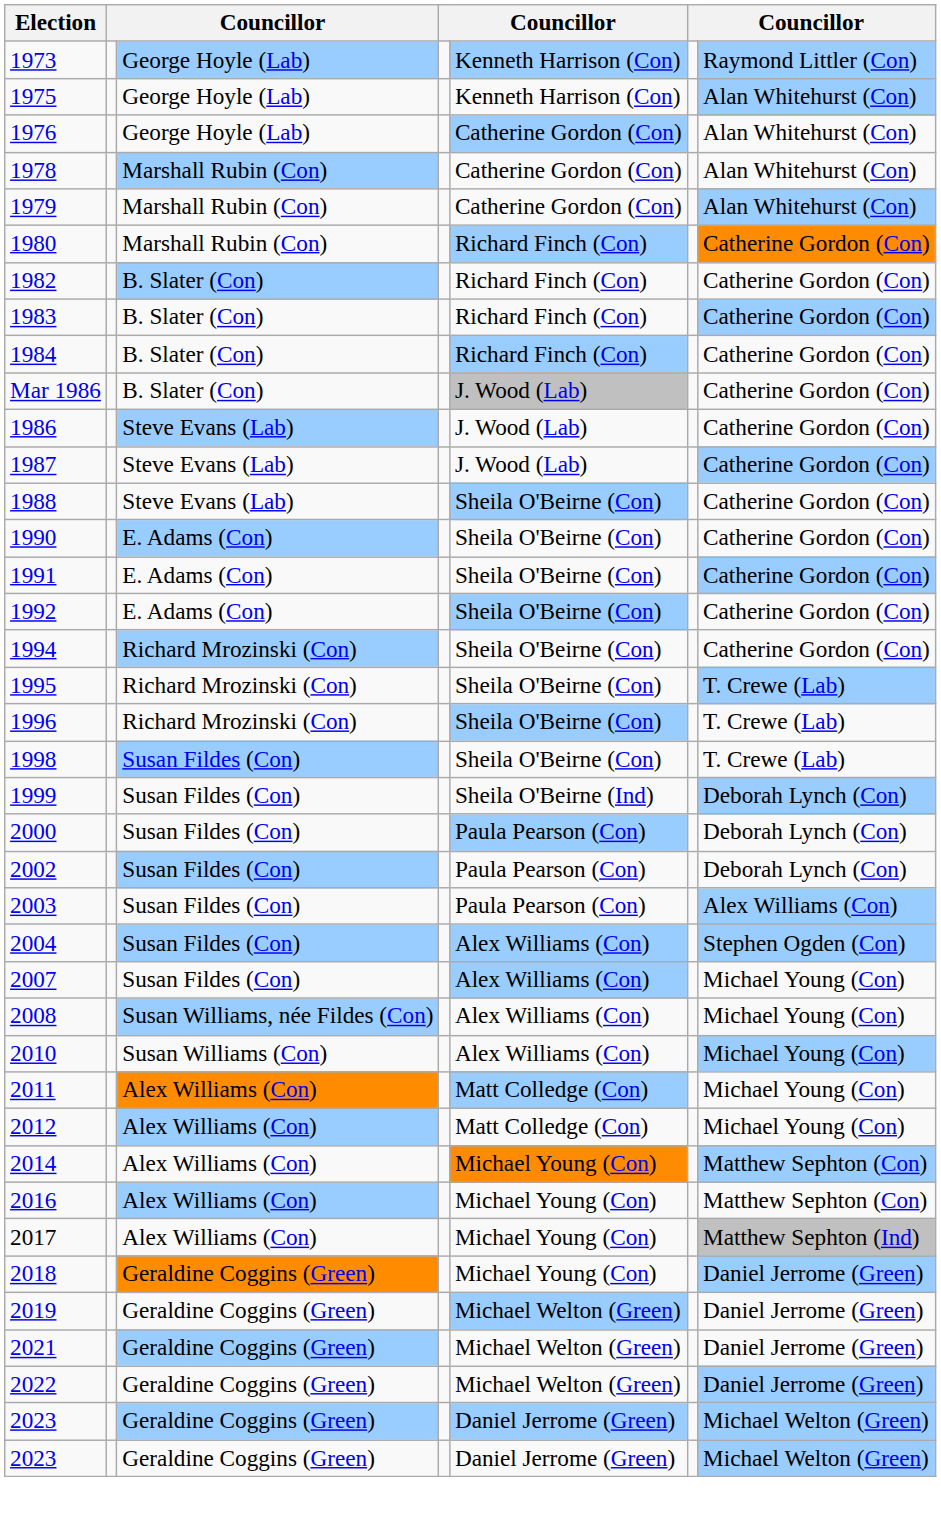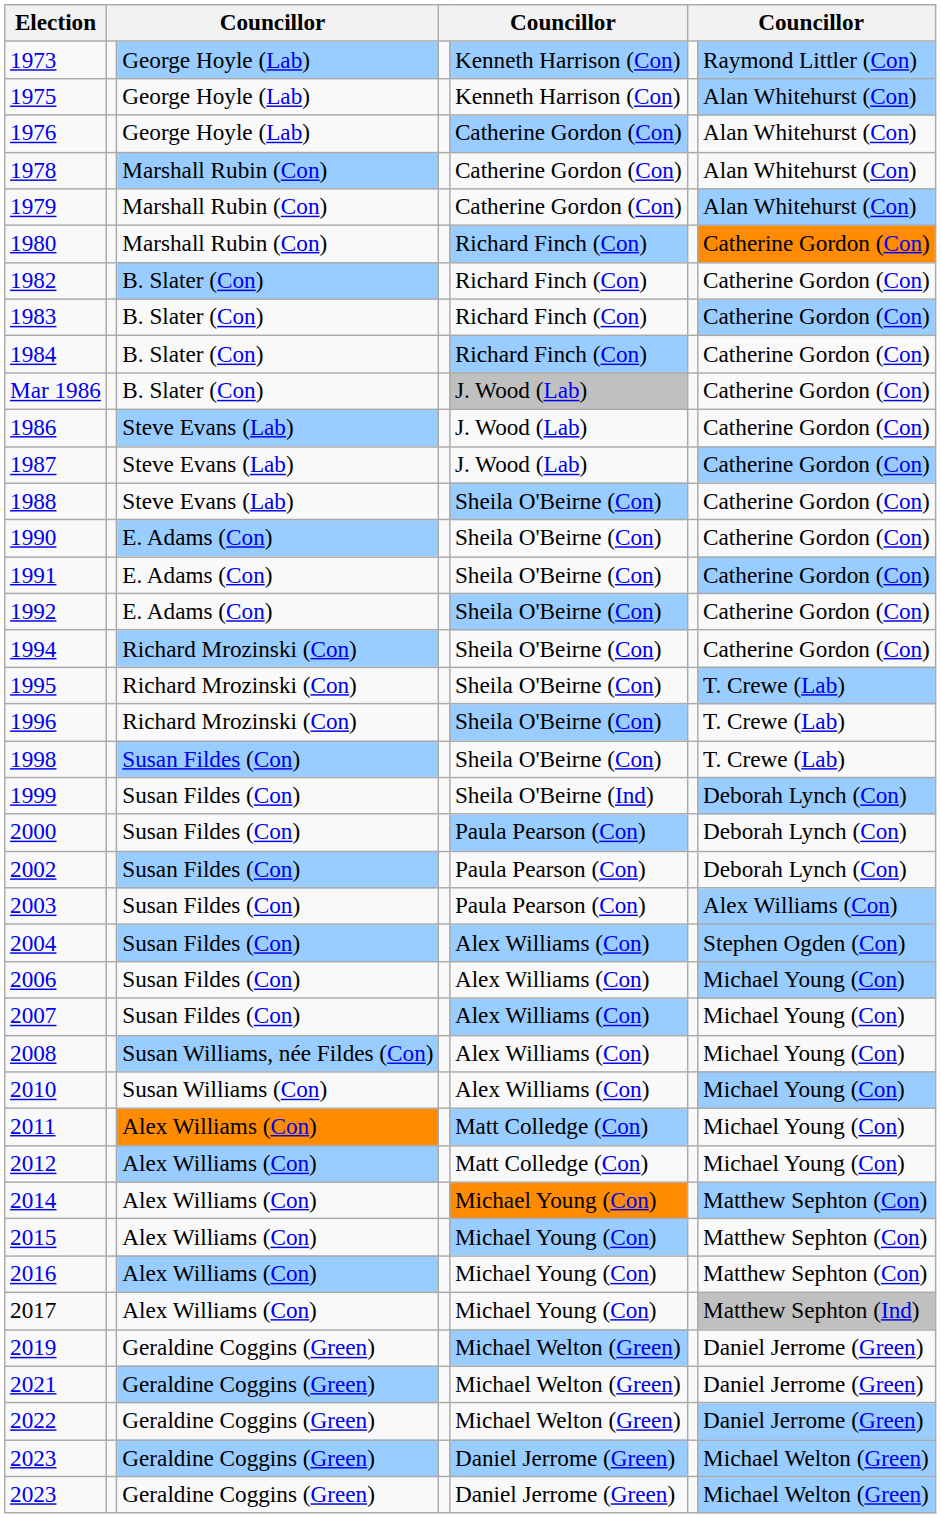 <table class="wikitable">
 <tr>
 <th>Election</th>
 <th colspan="2">Councillor</th>
 <th colspan="2">Councillor</th>
 <th colspan="2">Councillor</th>
 </tr>
 <tr>
 <td><a href='#'>1973</a></td>
 <td style="background-color: "></td>
 <td bgcolor="#99CCFF">George Hoyle (<a href='#'>Lab</a>)</td>
 <td style="background-color: "></td>
 <td bgcolor="#99CCFF">Kenneth Harrison (<a href='#'>Con</a>)</td>
 <td style="background-color: "></td>
 <td bgcolor="#99CCFF">Raymond Littler (<a href='#'>Con</a>)</td>
 </tr>
 <tr>
 <td><a href='#'>1975</a></td>
 <td style="background-color: "></td>
 <td>George Hoyle (<a href='#'>Lab</a>)</td>
 <td style="background-color: "></td>
 <td>Kenneth Harrison (<a href='#'>Con</a>)</td>
 <td style="background-color: "></td>
 <td bgcolor="#99CCFF">Alan Whitehurst (<a href='#'>Con</a>)</td>
 </tr>
 <tr>
 <td><a href='#'>1976</a></td>
 <td style="background-color: "></td>
 <td>George Hoyle (<a href='#'>Lab</a>)</td>
 <td style="background-color: "></td>
 <td bgcolor="#99CCFF">Catherine Gordon (<a href='#'>Con</a>)</td>
 <td style="background-color: "></td>
 <td>Alan Whitehurst (<a href='#'>Con</a>)</td>
 </tr>
 <tr>
 <td><a href='#'>1978</a></td>
 <td style="background-color: "></td>
 <td bgcolor="#99CCFF">Marshall Rubin (<a href='#'>Con</a>)</td>
 <td style="background-color: "></td>
 <td>Catherine Gordon (<a href='#'>Con</a>)</td>
 <td style="background-color: "></td>
 <td>Alan Whitehurst (<a href='#'>Con</a>)</td>
 </tr>
 <tr>
 <td><a href='#'>1979</a></td>
 <td style="background-color: "></td>
 <td>Marshall Rubin (<a href='#'>Con</a>)</td>
 <td style="background-color: "></td>
 <td>Catherine Gordon (<a href='#'>Con</a>)</td>
 <td style="background-color: "></td>
 <td bgcolor="#99CCFF">Alan Whitehurst (<a href='#'>Con</a>)</td>
 </tr>
 <tr>
 <td><a href='#'>1980</a></td>
 <td style="background-color: "></td>
 <td>Marshall Rubin (<a href='#'>Con</a>)</td>
 <td style="background-color: "></td>
 <td bgcolor="#99CCFF">Richard Finch (<a href='#'>Con</a>)</td>
 <td style="background-color: "></td>
 <td bgcolor="#FF8C00">Catherine Gordon (<a href='#'>Con</a>)</td>
 </tr>
 <tr>
 <td><a href='#'>1982</a></td>
 <td style="background-color: "></td>
 <td bgcolor="#99CCFF">B. Slater (<a href='#'>Con</a>)</td>
 <td style="background-color: "></td>
 <td>Richard Finch (<a href='#'>Con</a>)</td>
 <td style="background-color: "></td>
 <td>Catherine Gordon (<a href='#'>Con</a>)</td>
 </tr>
 <tr>
 <td><a href='#'>1983</a></td>
 <td style="background-color: "></td>
 <td>B. Slater (<a href='#'>Con</a>)</td>
 <td style="background-color: "></td>
 <td>Richard Finch (<a href='#'>Con</a>)</td>
 <td style="background-color: "></td>
 <td bgcolor="#99CCFF">Catherine Gordon (<a href='#'>Con</a>)</td>
 </tr>
 <tr>
 <td><a href='#'>1984</a></td>
 <td style="background-color: "></td>
 <td>B. Slater (<a href='#'>Con</a>)</td>
 <td style="background-color: "></td>
 <td bgcolor="#99CCFF">Richard Finch (<a href='#'>Con</a>)</td>
 <td style="background-color: "></td>
 <td>Catherine Gordon (<a href='#'>Con</a>)</td>
 </tr>
 <tr>
 <td><a href='#'>Mar 1986</a></td>
 <td style="background-color: "></td>
 <td>B. Slater (<a href='#'>Con</a>)</td>
 <td style="background-color: "></td>
 <td bgcolor="#C0C0C0">J. Wood (<a href='#'>Lab</a>)</td>
 <td style="background-color: "></td>
 <td>Catherine Gordon (<a href='#'>Con</a>)</td>
 </tr>
 <tr>
 <td><a href='#'>1986</a></td>
 <td style="background-color: "></td>
 <td bgcolor="#99CCFF">Steve Evans (<a href='#'>Lab</a>)</td>
 <td style="background-color: "></td>
 <td>J. Wood (<a href='#'>Lab</a>)</td>
 <td style="background-color: "></td>
 <td>Catherine Gordon (<a href='#'>Con</a>)</td>
 </tr>
 <tr>
 <td><a href='#'>1987</a></td>
 <td style="background-color: "></td>
 <td>Steve Evans (<a href='#'>Lab</a>)</td>
 <td style="background-color: "></td>
 <td>J. Wood (<a href='#'>Lab</a>)</td>
 <td style="background-color: "></td>
 <td bgcolor="#99CCFF">Catherine Gordon (<a href='#'>Con</a>)</td>
 </tr>
 <tr>
 <td><a href='#'>1988</a></td>
 <td style="background-color: "></td>
 <td>Steve Evans (<a href='#'>Lab</a>)</td>
 <td style="background-color: "></td>
 <td bgcolor="#99CCFF">Sheila O'Beirne (<a href='#'>Con</a>)</td>
 <td style="background-color: "></td>
 <td>Catherine Gordon (<a href='#'>Con</a>)</td>
 </tr>
 <tr>
 <td><a href='#'>1990</a></td>
 <td style="background-color: "></td>
 <td bgcolor="#99CCFF">E. Adams (<a href='#'>Con</a>)</td>
 <td style="background-color: "></td>
 <td>Sheila O'Beirne (<a href='#'>Con</a>)</td>
 <td style="background-color: "></td>
 <td>Catherine Gordon (<a href='#'>Con</a>)</td>
 </tr>
 <tr>
 <td><a href='#'>1991</a></td>
 <td style="background-color: "></td>
 <td>E. Adams (<a href='#'>Con</a>)</td>
 <td style="background-color: "></td>
 <td>Sheila O'Beirne (<a href='#'>Con</a>)</td>
 <td style="background-color: "></td>
 <td bgcolor="#99CCFF">Catherine Gordon (<a href='#'>Con</a>)</td>
 </tr>
 <tr>
 <td><a href='#'>1992</a></td>
 <td style="background-color: "></td>
 <td>E. Adams (<a href='#'>Con</a>)</td>
 <td style="background-color: "></td>
 <td bgcolor="#99CCFF">Sheila O'Beirne (<a href='#'>Con</a>)</td>
 <td style="background-color: "></td>
 <td>Catherine Gordon (<a href='#'>Con</a>)</td>
 </tr>
 <tr>
 <td><a href='#'>1994</a></td>
 <td style="background-color: "></td>
 <td bgcolor="#99CCFF">Richard Mrozinski (<a href='#'>Con</a>)</td>
 <td style="background-color: "></td>
 <td>Sheila O'Beirne (<a href='#'>Con</a>)</td>
 <td style="background-color: "></td>
 <td>Catherine Gordon (<a href='#'>Con</a>)</td>
 </tr>
 <tr>
 <td><a href='#'>1995</a></td>
 <td style="background-color: "></td>
 <td>Richard Mrozinski (<a href='#'>Con</a>)</td>
 <td style="background-color: "></td>
 <td>Sheila O'Beirne (<a href='#'>Con</a>)</td>
 <td style="background-color: "></td>
 <td bgcolor="#99CCFF">T. Crewe (<a href='#'>Lab</a>)</td>
 </tr>
 <tr>
 <td><a href='#'>1996</a></td>
 <td style="background-color: "></td>
 <td>Richard Mrozinski (<a href='#'>Con</a>)</td>
 <td style="background-color: "></td>
 <td bgcolor="#99CCFF">Sheila O'Beirne (<a href='#'>Con</a>)</td>
 <td style="background-color: "></td>
 <td>T. Crewe (<a href='#'>Lab</a>)</td>
 </tr>
 <tr>
 <td><a href='#'>1998</a></td>
 <td style="background-color: "></td>
 <td bgcolor="#99CCFF"><a href='#'>Susan Fildes</a> (<a href='#'>Con</a>)</td>
 <td style="background-color: "></td>
 <td>Sheila O'Beirne (<a href='#'>Con</a>)</td>
 <td style="background-color: "></td>
 <td>T. Crewe (<a href='#'>Lab</a>)</td>
 </tr>
 <tr>
 <td><a href='#'>1999</a></td>
 <td style="background-color: "></td>
 <td>Susan Fildes (<a href='#'>Con</a>)</td>
 <td style="background-color: "></td>
 <td>Sheila O'Beirne (<a href='#'>Ind</a>)</td>
 <td style="background-color: "></td>
 <td bgcolor="#99CCFF">Deborah Lynch (<a href='#'>Con</a>)</td>
 </tr>
 <tr>
 <td><a href='#'>2000</a></td>
 <td style="background-color: "></td>
 <td>Susan Fildes (<a href='#'>Con</a>)</td>
 <td style="background-color: "></td>
 <td bgcolor="#99CCFF">Paula Pearson (<a href='#'>Con</a>)</td>
 <td style="background-color: "></td>
 <td>Deborah Lynch (<a href='#'>Con</a>)</td>
 </tr>
 <tr>
 <td><a href='#'>2002</a></td>
 <td style="background-color: "></td>
 <td bgcolor="#99CCFF">Susan Fildes (<a href='#'>Con</a>)</td>
 <td style="background-color: "></td>
 <td>Paula Pearson (<a href='#'>Con</a>)</td>
 <td style="background-color: "></td>
 <td>Deborah Lynch (<a href='#'>Con</a>)</td>
 </tr>
 <tr>
 <td><a href='#'>2003</a></td>
 <td style="background-color: "></td>
 <td>Susan Fildes (<a href='#'>Con</a>)</td>
 <td style="background-color: "></td>
 <td>Paula Pearson (<a href='#'>Con</a>)</td>
 <td style="background-color: "></td>
 <td bgcolor="#99CCFF">Alex Williams (<a href='#'>Con</a>)</td>
 </tr>
 <tr>
 <td><a href='#'>2004</a></td>
 <td style="background-color: "></td>
 <td bgcolor="#99CCFF">Susan Fildes (<a href='#'>Con</a>)</td>
 <td style="background-color: "></td>
 <td bgcolor="#99CCFF">Alex Williams (<a href='#'>Con</a>)</td>
 <td style="background-color: "></td>
 <td bgcolor="#99CCFF">Stephen Ogden (<a href='#'>Con</a>)</td>
 </tr>
 <tr>
+<td><a href='#'>2006</a></td>
+<td style="background-color: "></td>
+<td>Susan Fildes (<a href='#'>Con</a>)</td>
+<td style="background-color: "></td>
+<td>Alex Williams (<a href='#'>Con</a>)</td>
+<td style="background-color: "></td>
+<td bgcolor="#99CCFF">Michael Young (<a href='#'>Con</a>)</td>
+</tr>
+<tr>
 <td><a href='#'>2007</a></td>
 <td style="background-color: "></td>
 <td>Susan Fildes (<a href='#'>Con</a>)</td>
 <td style="background-color: "></td>
 <td bgcolor="#99CCFF">Alex Williams (<a href='#'>Con</a>)</td>
 <td style="background-color: "></td>
 <td>Michael Young (<a href='#'>Con</a>)</td>
 </tr>
 <tr>
 <td><a href='#'>2008</a></td>
 <td style="background-color: "></td>
 <td bgcolor="#99CCFF">Susan Williams, née Fildes (<a href='#'>Con</a>)</td>
 <td style="background-color: "></td>
 <td>Alex Williams (<a href='#'>Con</a>)</td>
 <td style="background-color: "></td>
 <td>Michael Young (<a href='#'>Con</a>)</td>
 </tr>
 <tr>
 <td><a href='#'>2010</a></td>
 <td style="background-color: "></td>
 <td>Susan Williams (<a href='#'>Con</a>)</td>
 <td style="background-color: "></td>
 <td>Alex Williams (<a href='#'>Con</a>)</td>
 <td style="background-color: "></td>
 <td bgcolor="#99CCFF">Michael Young (<a href='#'>Con</a>)</td>
 </tr>
 <tr>
 <td><a href='#'>2011</a></td>
 <td style="background-color: "></td>
 <td bgcolor="#FF8C00">Alex Williams (<a href='#'>Con</a>)</td>
 <td style="background-color: "></td>
 <td bgcolor="#99CCFF">Matt Colledge (<a href='#'>Con</a>)</td>
 <td style="background-color: "></td>
 <td>Michael Young (<a href='#'>Con</a>)</td>
 </tr>
 <tr>
 <td><a href='#'>2012</a></td>
 <td style="background-color: "></td>
 <td bgcolor="#99CCFF">Alex Williams (<a href='#'>Con</a>)</td>
 <td style="background-color: "></td>
 <td>Matt Colledge (<a href='#'>Con</a>)</td>
 <td style="background-color: "></td>
 <td>Michael Young (<a href='#'>Con</a>)</td>
 </tr>
 <tr>
 <td><a href='#'>2014</a></td>
 <td style="background-color: "></td>
 <td>Alex Williams (<a href='#'>Con</a>)</td>
 <td style="background-color: "></td>
 <td bgcolor="#FF8C00">Michael Young (<a href='#'>Con</a>)</td>
 <td style="background-color: "></td>
 <td bgcolor="#99CCFF">Matthew Sephton (<a href='#'>Con</a>)</td>
 </tr>
 <tr>
+<td><a href='#'>2015</a></td>
+<td style="background-color: "></td>
+<td>Alex Williams (<a href='#'>Con</a>)</td>
+<td style="background-color: "></td>
+<td bgcolor="#99CCFF">Michael Young (<a href='#'>Con</a>)</td>
+<td style="background-color: "></td>
+<td>Matthew Sephton (<a href='#'>Con</a>)</td>
+</tr>
+<tr>
 <td><a href='#'>2016</a></td>
 <td style="background-color: "></td>
 <td bgcolor="#99CCFF">Alex Williams (<a href='#'>Con</a>)</td>
 <td style="background-color: "></td>
 <td>Michael Young (<a href='#'>Con</a>)</td>
 <td style="background-color: "></td>
 <td>Matthew Sephton (<a href='#'>Con</a>)</td>
 </tr>
 <tr>
 <td>2017</td>
 <td style="background-color: "></td>
 <td>Alex Williams (<a href='#'>Con</a>)</td>
 <td style="background-color: "></td>
 <td>Michael Young (<a href='#'>Con</a>)</td>
 <td style="background-color: "></td>
 <td bgcolor="#C0C0C0">Matthew Sephton (<a href='#'>Ind</a>)</td>
-</tr>
-<tr>
-<td><a href='#'>2018</a></td>
-<td style="background-color: "></td>
-<td bgcolor="#FF8C00">Geraldine Coggins (<a href='#'>Green</a>)</td>
-<td style="background-color: "></td>
-<td>Michael Young (<a href='#'>Con</a>)</td>
-<td style="background-color: "></td>
-<td bgcolor="#99CCFF">Daniel Jerrome (<a href='#'>Green</a>)</td>
 </tr>
 <tr>
 <td><a href='#'>2019</a></td>
 <td style="background-color: "></td>
 <td>Geraldine Coggins (<a href='#'>Green</a>)</td>
 <td style="background-color: "></td>
 <td bgcolor="#99CCFF">Michael Welton (<a href='#'>Green</a>)</td>
 <td style="background-color: "></td>
 <td>Daniel Jerrome (<a href='#'>Green</a>)</td>
 </tr>
 <tr>
 <td><a href='#'>2021</a></td>
 <td style="background-color: "></td>
 <td bgcolor="#99CCFF">Geraldine Coggins (<a href='#'>Green</a>)</td>
 <td style="background-color: "></td>
 <td>Michael Welton (<a href='#'>Green</a>)</td>
 <td style="background-color: "></td>
 <td>Daniel Jerrome (<a href='#'>Green</a>)</td>
 </tr>
 <tr>
 <td><a href='#'>2022</a></td>
 <td style="background-color: "></td>
 <td>Geraldine Coggins (<a href='#'>Green</a>)</td>
 <td style="background-color: "></td>
 <td>Michael Welton (<a href='#'>Green</a>)</td>
 <td style="background-color: "></td>
 <td bgcolor="#99CCFF">Daniel Jerrome (<a href='#'>Green</a>)</td>
 </tr>
 <tr>
 <td><a href='#'>2023</a></td>
 <td style="background-color: "></td>
 <td bgcolor="#99CCFF">Geraldine Coggins (<a href='#'>Green</a>)</td>
 <td style="background-color: "></td>
 <td bgcolor="#99CCFF">Daniel Jerrome (<a href='#'>Green</a>)</td>
 <td style="background-color: "></td>
 <td bgcolor="#99CCFF">Michael Welton (<a href='#'>Green</a>)</td>
 </tr>
 <tr>
 <td><a href='#'>2023</a></td>
 <td style="background-color: "></td>
 <td bgcolor=>Geraldine Coggins (<a href='#'>Green</a>)</td>
 <td style="background-color: "></td>
 <td bgcolor=>Daniel Jerrome (<a href='#'>Green</a>)</td>
 <td style="background-color: "></td>
 <td bgcolor="#99CCFF">Michael Welton (<a href='#'>Green</a>)</td>
 </tr>
 </table>
